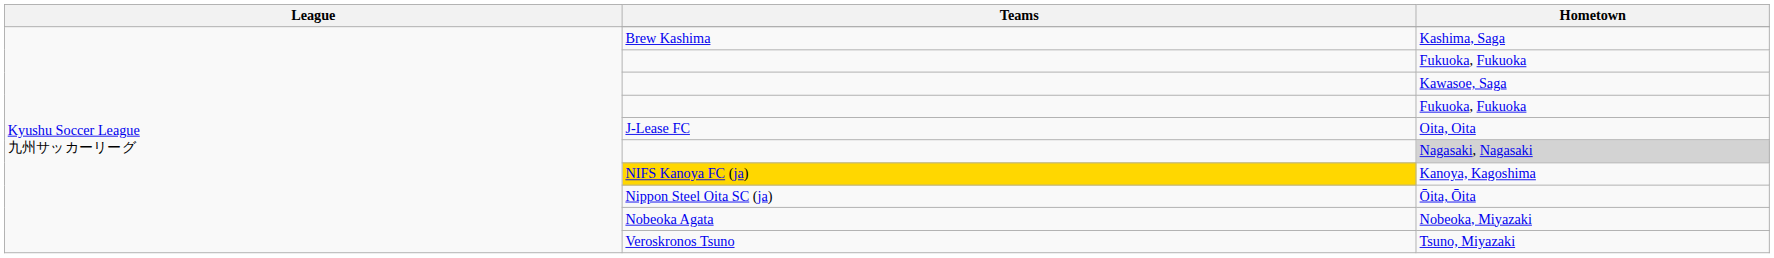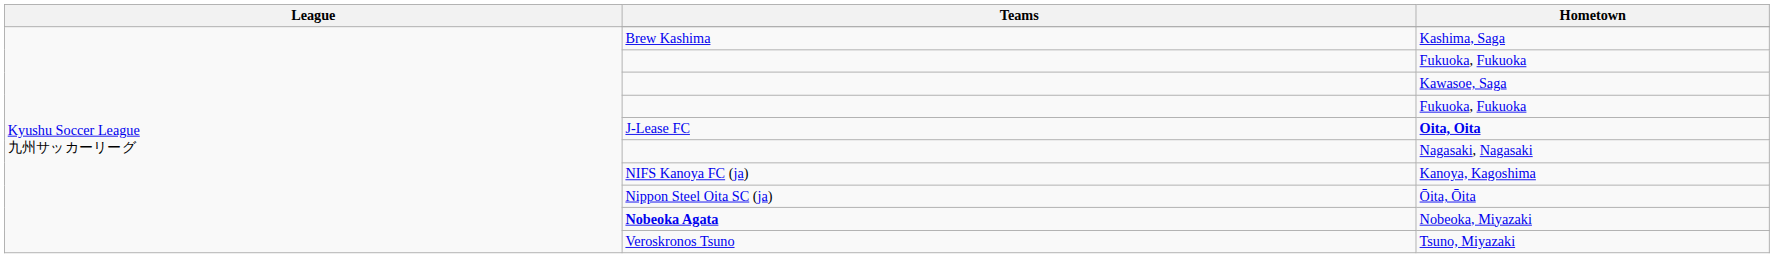 <table class="wikitable" width=100%>
 <tr>
 <th width=35%>League</th>
 <th width=45%>Teams</th>
 <th width=20%>Hometown</th>
 </tr>
 <tr>
 <td rowspan="11"><a href='#'>Kyushu Soccer League</a><br>九州サッカーリーグ</td>
 </tr>
 <tr>
 <td><a href='#'>Brew Kashima</a></td>
 <td><a href='#'>Kashima, Saga</a></td>
 </tr>
 <tr>
 <td></td>
 <td><a href='#'>Fukuoka</a>, <a href='#'>Fukuoka</a></td>
 </tr>
 <tr>
 <td></td>
 <td><a href='#'>Kawasoe, Saga</a></td>
 </tr>
 <tr>
 <td></td>
 <td><a href='#'>Fukuoka</a>, <a href='#'>Fukuoka</a></td>
 </tr>
 <tr>
 <td><a href='#'>J-Lease FC</a></td>
-<td><a href='#'>Oita, Oita</a></td>
+<td><strong><a href='#'>Oita, Oita</a></strong></td>
 </tr>
 <tr>
 <td> </td>
-<td style="background: lightgrey;"><a href='#'>Nagasaki</a>, <a href='#'>Nagasaki</a></td>
+<td><a href='#'>Nagasaki</a>, <a href='#'>Nagasaki</a></td>
 </tr>
 <tr>
-<td style="background: gold;"><a href='#'>NIFS Kanoya FC</a> (<a href='#'>ja</a>)</td>
+<td><a href='#'>NIFS Kanoya FC</a> (<a href='#'>ja</a>)</td>
 <td><a href='#'>Kanoya, Kagoshima</a></td>
 </tr>
 <tr>
 <td><a href='#'>Nippon Steel Oita SC</a> (<a href='#'>ja</a>)</td>
 <td><a href='#'>Ōita, Ōita</a></td>
 </tr>
 <tr>
-<td><a href='#'>Nobeoka Agata</a></td>
+<td><strong><a href='#'>Nobeoka Agata</a></strong></td>
 <td><a href='#'>Nobeoka, Miyazaki</a></td>
 </tr>
 <tr>
 <td><a href='#'>Veroskronos Tsuno</a></td>
 <td><a href='#'>Tsuno, Miyazaki</a></td>
 </tr>
 </table>
